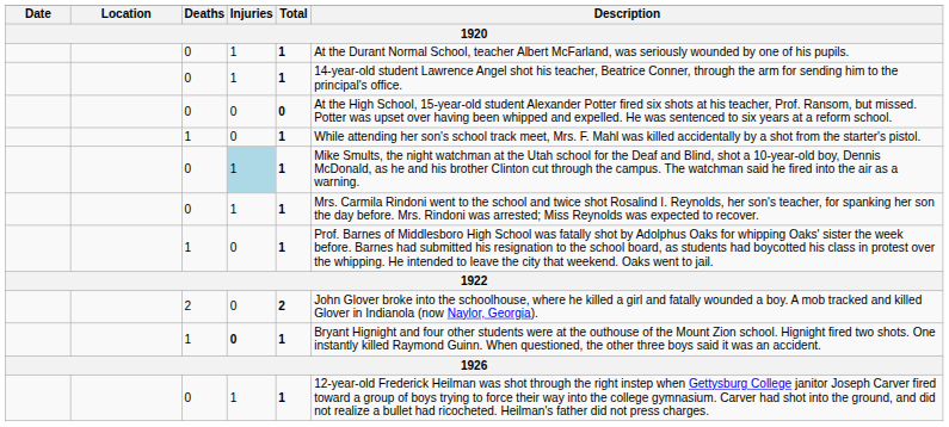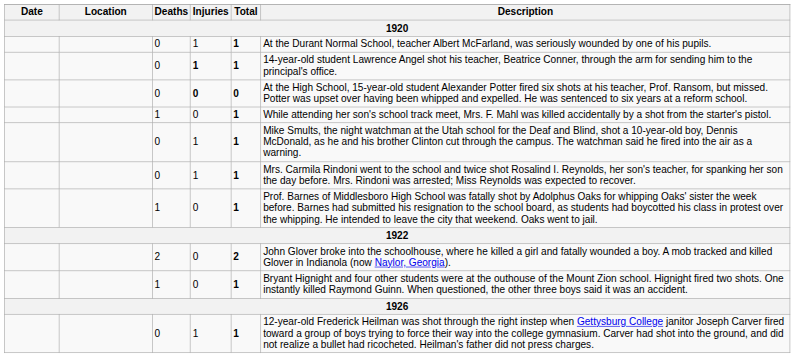 <table class="sortable wikitable" style="font-size:100%;" id="1920s">
 <tr>
 </tr>
 <tr>
 <th style="width:80px;">Date</th>
 <th style="width:140px;">Location</th>
 <th style="width:40px;">Deaths</th>
 <th style="width:40px;">Injuries</th>
 <th style="width:40px;">Total</th>
 <th class="unsortable">Description</th>
 </tr>
 <tr>
 <th colspan="6">1920 </th>
 </tr>
 <tr>
 <td></td>
 <td></td>
 <td>0</td>
 <td>1</td>
 <td><strong>1</strong></td>
 <td>At the Durant Normal School, teacher Albert McFarland, was seriously wounded by one of his pupils.</td>
 </tr>
 <tr>
 <td></td>
 <td></td>
 <td>0</td>
-<td>1</td>
+<td><strong>1</strong></td>
 <td><strong>1</strong></td>
 <td>14-year-old student Lawrence Angel shot his teacher, Beatrice Conner, through the arm for sending him to the principal's office.</td>
 </tr>
 <tr>
 <td></td>
 <td></td>
 <td>0</td>
-<td>0</td>
+<td><strong>0</strong></td>
 <td><strong>0</strong></td>
 <td>At the High School, 15-year-old student Alexander Potter fired six shots at his teacher, Prof. Ransom, but missed. Potter was upset over having been whipped and expelled. He was sentenced to six years at a reform school.</td>
 </tr>
 <tr>
 <td></td>
 <td></td>
 <td>1</td>
 <td>0</td>
 <td><strong>1</strong></td>
 <td>While attending her son's school track meet, Mrs. F. Mahl was killed accidentally by a shot from the starter's pistol.</td>
 </tr>
 <tr>
 <td></td>
 <td></td>
 <td>0</td>
-<td style="background: lightblue;">1</td>
+<td>1</td>
 <td><strong>1</strong></td>
 <td>Mike Smults, the night watchman at the Utah school for the Deaf and Blind, shot a 10-year-old boy, Dennis McDonald, as he and his brother Clinton cut through the campus. The watchman said he fired into the air as a warning.</td>
 </tr>
 <tr>
 <td></td>
 <td></td>
 <td>0</td>
 <td>1</td>
 <td><strong>1</strong></td>
 <td>Mrs. Carmila Rindoni went to the school and twice shot Rosalind I. Reynolds, her son's teacher, for spanking her son the day before. Mrs. Rindoni was arrested; Miss Reynolds was expected to recover.</td>
 </tr>
 <tr>
 <td></td>
 <td></td>
 <td>1</td>
 <td>0</td>
 <td><strong>1</strong></td>
 <td>Prof. Barnes of Middlesboro High School was fatally shot by Adolphus Oaks for whipping Oaks' sister the week before. Barnes had submitted his resignation to the school board, as students had boycotted his class in protest over the whipping. He intended to leave the city that weekend. Oaks went to jail.</td>
 </tr>
 <tr>
 <th colspan="6">1922 </th>
 </tr>
 <tr>
 <td></td>
 <td></td>
 <td>2</td>
 <td>0</td>
 <td><strong>2</strong></td>
 <td>John Glover broke into the schoolhouse, where he killed a girl and fatally wounded a boy. A mob tracked and killed Glover  in Indianola (now <a href='#'>Naylor, Georgia</a>).</td>
 </tr>
 <tr>
 <td></td>
 <td></td>
 <td>1</td>
-<td><strong>0</strong></td>
+<td>0</td>
 <td><strong>1</strong></td>
 <td>Bryant Hignight and four other students were at the outhouse of the Mount Zion school. Hignight fired two shots. One instantly killed Raymond Guinn. When questioned, the other three boys said it was an accident.</td>
 </tr>
 <tr>
 <th colspan="6">1926 </th>
 </tr>
 <tr>
 <td></td>
 <td></td>
 <td>0</td>
 <td>1</td>
 <td><strong>1</strong></td>
 <td>12-year-old Frederick Heilman was shot through the right instep when <a href='#'>Gettysburg College</a> janitor Joseph Carver fired toward a group of boys trying to force their way into the college gymnasium. Carver had shot into the ground, and did not realize a bullet had ricocheted. Heilman's father did not press charges.</td>
 </tr>
 </table>
